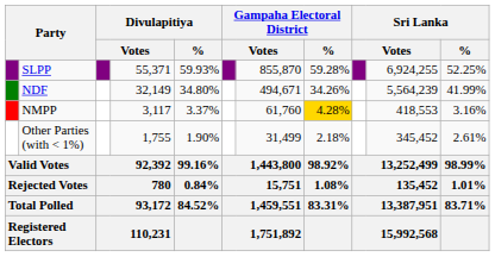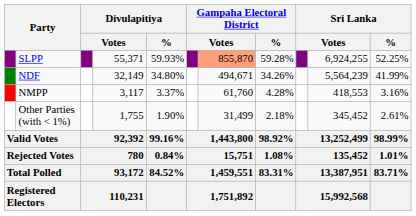 <table class="wikitable">
 <tr>
 <th colspan="2" width="144px"rowspan="2">Party</th>
 <th colspan="3" width="216px">Divulapitiya</th>
 <th colspan="3" width="216px"><a href='#'>Gampaha Electoral District</a></th>
 <th colspan="3" width="216px">Sri Lanka</th>
 </tr>
 <tr>
 <th colspan="2" width="144px">Votes</th>
 <th>%</th>
 <th colspan="2" width="144px">Votes</th>
 <th>%</th>
 <th colspan="2" width="144px">Votes</th>
 <th>%</th>
 </tr>
 <tr>
 <td style="background-color:purple;" width="10px"></td>
 <td style="text-align:left;"><a href='#'>SLPP</a></td>
 <td style="background-color:purple;" width="10px"></td>
 <td style="text-align:right;">55,371</td>
 <td style="text-align:right;">59.93%</td>
 <td style="background-color:purple;" width="10px"></td>
-<td style="text-align:right;">855,870</td>
+<td style="background: lightsalmon; text-align:right;">855,870</td>
 <td style="text-align:right;">59.28%</td>
 <td style="background-color:purple;" width="10px"></td>
 <td style="text-align:right;">6,924,255</td>
 <td style="text-align:right;">52.25%</td>
 </tr>
 <tr>
 <td style="background-color:green;" width="10px"></td>
 <td style="text-align:left;"><a href='#'>NDF</a></td>
 <td style="background-color:white;" width="10px"></td>
 <td style="text-align:right;">32,149</td>
 <td style="text-align:right;">34.80%</td>
 <td style="background-color:white;" width="10px"></td>
 <td style="text-align:right;">494,671</td>
 <td style="text-align:right;">34.26%</td>
 <td style="background-color:white;" width="10px"></td>
 <td style="text-align:right;">5,564,239</td>
 <td style="text-align:right;">41.99%</td>
 </tr>
 <tr>
 <td style="background-color:red;" width="10px"></td>
 <td style="text-align:left;">NMPP</td>
 <td style="background-color:white;" width="10px"></td>
 <td style="text-align:right;">3,117</td>
 <td style="text-align:right;">3.37%</td>
 <td style="background-color:white;" width="10px"></td>
 <td style="text-align:right;">61,760</td>
-<td style="background: gold; text-align:right;">4.28%</td>
+<td style="text-align:right;">4.28%</td>
 <td style="background-color:white;" width="10px"></td>
 <td style="text-align:right;">418,553</td>
 <td style="text-align:right;">3.16%</td>
 </tr>
 <tr>
 <td style="background-color:white;" width="10px"></td>
 <td style="text-align:left;">Other Parties (with < 1%)</td>
 <td style="background-color:white;" width="10px"></td>
 <td style="text-align:right;">1,755</td>
 <td style="text-align:right;">1.90%</td>
 <td style="background-color:white;" width="10px"></td>
 <td style="text-align:right;">31,499</td>
 <td style="text-align:right;">2.18%</td>
 <td style="background-color:white;" width="10px"></td>
 <td style="text-align:right;">345,452</td>
 <td style="text-align:right;">2.61%</td>
 </tr>
 <tr>
 <th colspan="2" width="144px"style="text-align:left;">Valid Votes</th>
 <th style="text-align:right;"colspan="2" width="144px">92,392</th>
 <th style="text-align:right;">99.16%</th>
 <th style="text-align:right;"colspan="2" width="144px">1,443,800</th>
 <th style="text-align:right;">98.92%</th>
 <th style="text-align:right;"colspan="2" width="144px">13,252,499</th>
 <th style="text-align:right;">98.99%</th>
 </tr>
 <tr>
 <th colspan="2" width="144px"style="text-align:left;">Rejected Votes</th>
 <th style="text-align:right;"colspan="2" width="144px">780</th>
 <th style="text-align:right;">0.84%</th>
 <th style="text-align:right;"colspan="2" width="144px">15,751</th>
 <th style="text-align:right;">1.08%</th>
 <th style="text-align:right;"colspan="2" width="144px">135,452</th>
 <th style="text-align:right;">1.01%</th>
 </tr>
 <tr>
 <th colspan="2" width="144px"style="text-align:left;">Total Polled</th>
 <th style="text-align:right;"colspan="2" width="144px">93,172</th>
 <th style="text-align:right;">84.52%</th>
 <th style="text-align:right;"colspan="2" width="144px">1,459,551</th>
 <th style="text-align:right;">83.31%</th>
 <th style="text-align:right;"colspan="2" width="144px">13,387,951</th>
 <th style="text-align:right;">83.71%</th>
 </tr>
 <tr>
 <th colspan="2" width="144px"style="text-align:left;">Registered Electors</th>
 <th style="text-align:right;"colspan="2" width="144px">110,231</th>
 <th></th>
 <th style="text-align:right;"colspan="2" width="144px">1,751,892</th>
 <th></th>
 <th style="text-align:right;"colspan="2" width="144px">15,992,568</th>
 <th></th>
 </tr>
 </table>
